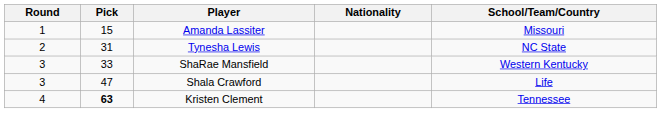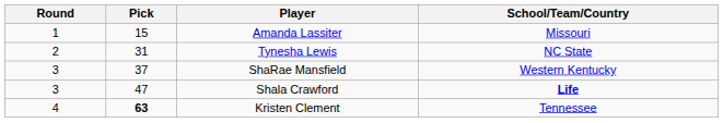 <table class="wikitable" style="text-align:center; width:60em">
 <tr>
 <th>Round</th>
 <th>Pick</th>
 <th>Player</th>
-<th>Nationality</th>
 <th>School/Team/Country</th>
 </tr>
 <tr>
 <td>1</td>
 <td>15</td>
 <td><a href='#'>Amanda Lassiter</a></td>
-<td></td>
 <td><a href='#'>Missouri</a></td>
 </tr>
 <tr>
 <td>2</td>
 <td>31</td>
 <td><a href='#'>Tynesha Lewis</a></td>
-<td></td>
 <td><a href='#'>NC State</a></td>
 </tr>
 <tr>
 <td>3</td>
-<td>33</td>
+<td>37</td>
 <td>ShaRae Mansfield</td>
-<td></td>
 <td><a href='#'>Western Kentucky</a></td>
 </tr>
 <tr>
 <td>3</td>
 <td>47</td>
 <td>Shala Crawford</td>
-<td></td>
-<td><a href='#'>Life</a></td>
+<td><strong><a href='#'>Life</a></strong></td>
 </tr>
 <tr>
 <td>4</td>
 <td><strong>63</strong></td>
 <td>Kristen Clement</td>
-<td></td>
 <td><a href='#'>Tennessee</a></td>
 </tr>
 </table>
